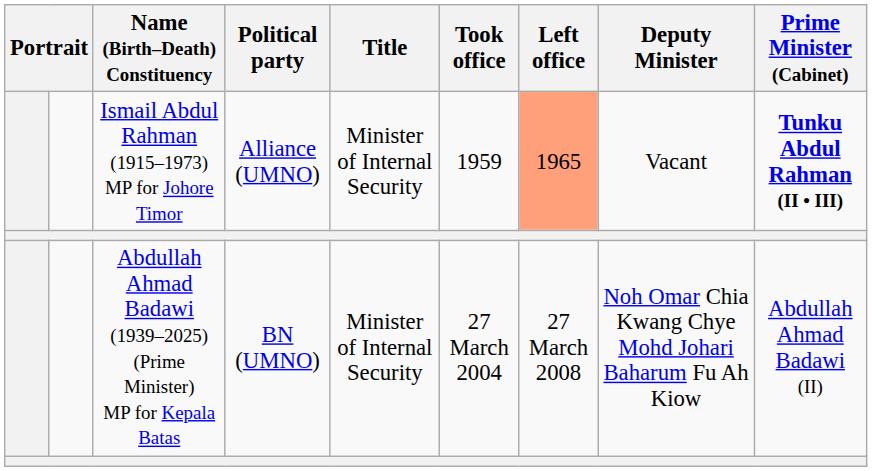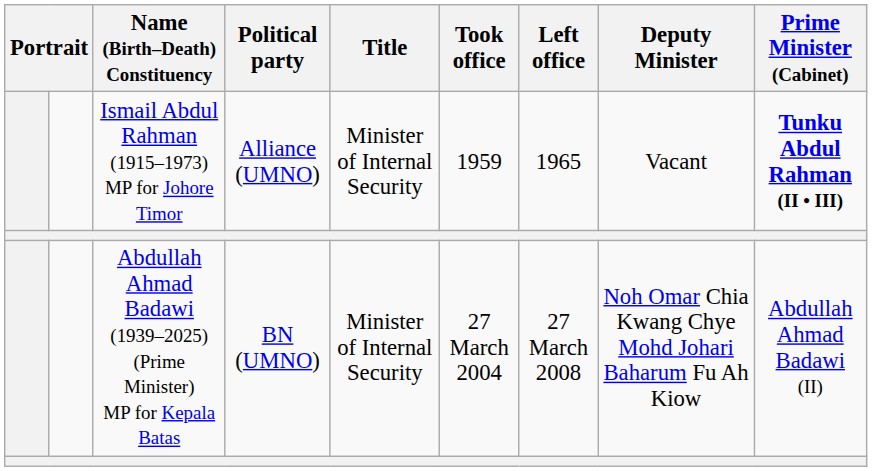 <table class="wikitable" style="text-align:center;">
 <tr>
 <th colspan=2>Portrait</th>
 <th>Name<br><small>(Birth–Death)<br>Constituency</small></th>
 <th>Political party</th>
 <th>Title</th>
 <th>Took office</th>
 <th>Left office</th>
 <th>Deputy Minister</th>
 <th><a href='#'>Prime Minister</a><br><small>(Cabinet)</small></th>
 </tr>
 <tr>
 <th style="background:"></th>
 <td></td>
 <td><a href='#'>Ismail Abdul Rahman</a><br><small>(1915–1973)<br>MP for <a href='#'>Johore Timor</a></small></td>
 <td><a href='#'>Alliance</a> (<a href='#'>UMNO</a>)</td>
 <td>Minister of Internal Security</td>
 <td>1959</td>
-<td style="background: lightsalmon;">1965</td>
+<td>1965</td>
 <td>Vacant</td>
 <td><strong><a href='#'>Tunku Abdul Rahman</a><br><small>(II •  III)</small></strong></td>
 </tr>
 <tr>
 <th colspan="9" bgcolor="cccccc"></th>
 </tr>
 <tr>
 <th style="background:"></th>
 <td></td>
 <td><a href='#'>Abdullah Ahmad Badawi</a><br><small>(1939–2025)<br>(Prime Minister) <br>MP for <a href='#'>Kepala Batas</a></small></td>
 <td><a href='#'>BN</a> (<a href='#'>UMNO</a>)</td>
 <td>Minister of Internal Security</td>
 <td>27 March 2004</td>
 <td>27 March 2008</td>
 <td><a href='#'>Noh Omar</a>  Chia Kwang Chye  <a href='#'>Mohd Johari Baharum</a>   Fu Ah Kiow </td>
 <td><a href='#'>Abdullah Ahmad Badawi</a><br><small>(II)</small></td>
 </tr>
 <tr>
 <th colspan="9" bgcolor="cccccc"></th>
 </tr>
 </table>
